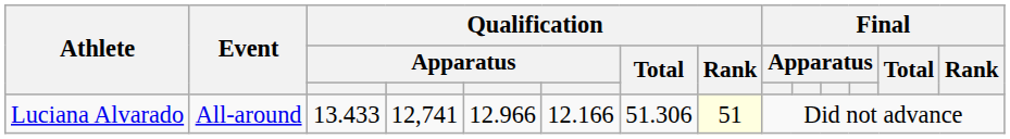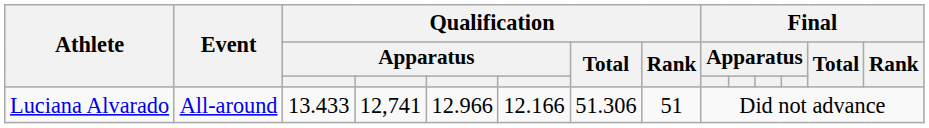 <table class="wikitable" style="font-size:90%">
 <tr>
 <th rowspan=3>Athlete</th>
 <th rowspan=3>Event</th>
 <th colspan=6>Qualification</th>
 <th colspan=6>Final</th>
 </tr>
 <tr style="font-size:95%">
 <th colspan=4>Apparatus</th>
 <th rowspan=2>Total</th>
 <th rowspan=2>Rank</th>
 <th colspan=4>Apparatus</th>
 <th rowspan=2>Total</th>
 <th rowspan=2>Rank</th>
 </tr>
 <tr style="font-size:95%">
 <th></th>
 <th></th>
 <th></th>
 <th></th>
 <th></th>
 <th></th>
 <th></th>
 <th></th>
 </tr>
 <tr align=center>
 <td align=left><a href='#'>Luciana Alvarado</a></td>
 <td align=left><a href='#'>All-around</a></td>
 <td>13.433</td>
 <td>12,741</td>
 <td>12.966</td>
 <td>12.166</td>
 <td>51.306</td>
-<td style="background: lightyellow;">51</td>
+<td>51</td>
 <td colspan="6">Did not advance</td>
 </tr>
 </table>
